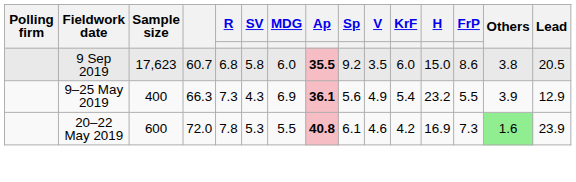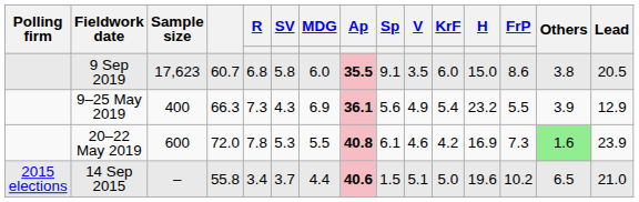 <table class="wikitable sortable" style="text-align:center;font-size:90%;line-height:14px;">
 <tr style="height:40px;">
 <th style="width:100px;" rowspan="2">Polling firm</th>
 <th style="width:100px;" rowspan="2">Fieldwork date</th>
 <th style="width:35px;" rowspan="2">Sample<br>size</th>
 <th style="width:30px;" rowspan="2"></th>
 <th class="unsortable" style="width:40px;"><a href='#'>R</a></th>
 <th class="unsortable" style="width:40px;"><a href='#'>SV</a></th>
 <th class="unsortable" style="width:40px;"><a href='#'>MDG</a></th>
 <th class="unsortable" style="width:40px;"><a href='#'>Ap</a></th>
 <th class="unsortable" style="width:40px;"><a href='#'>Sp</a></th>
 <th class="unsortable" style="width:40px;"><a href='#'>V</a></th>
 <th class="unsortable" style="width:40px;"><a href='#'>KrF</a></th>
 <th class="unsortable" style="width:40px;"><a href='#'>H</a></th>
 <th class="unsortable" style="width:40px;"><a href='#'>FrP</a></th>
 <th class="unsortable" style="width:30px;" rowspan="2">Others</th>
 <th style="width:30px;" rowspan="2">Lead</th>
 </tr>
 <tr>
 <th style="background:"></th>
 <th style="background:"></th>
 <th style="background:"></th>
 <th style="background:"></th>
 <th style="background:"></th>
 <th style="background:"></th>
 <th style="background:"></th>
 <th style="background:"></th>
 <th style="background:"></th>
 </tr>
 <tr style="background:#E9E9E9;">
 <td></td>
 <td data-sort-value="2019-09-09">9 Sep 2019</td>
 <td>17,623</td>
 <td>60.7</td>
 <td>6.8</td>
 <td>5.8</td>
 <td>6.0</td>
 <td style="background:#F7BDC5;"><strong>35.5</strong></td>
-<td>9.2</td>
+<td>9.1</td>
 <td>3.5</td>
 <td>6.0</td>
 <td>15.0</td>
 <td>8.6</td>
 <td>3.8</td>
 <td style="background:">20.5</td>
 </tr>
 <tr>
 <td></td>
 <td data-sort-value="2019-05-25">9–25 May 2019</td>
 <td>400</td>
 <td>66.3</td>
 <td>7.3</td>
 <td>4.3</td>
 <td>6.9</td>
 <td style="background:#F7BDC5;"><strong>36.1</strong></td>
 <td>5.6</td>
 <td>4.9</td>
 <td>5.4</td>
 <td>23.2</td>
 <td>5.5</td>
 <td>3.9</td>
 <td style="background:">12.9</td>
 </tr>
 <tr>
 <td></td>
 <td data-sort-value="2019-05-22">20–22 May 2019</td>
 <td>600</td>
 <td>72.0</td>
 <td>7.8</td>
 <td>5.3</td>
 <td>5.5</td>
 <td style="background:#F7BDC5;"><strong>40.8</strong></td>
 <td>6.1</td>
 <td>4.6</td>
 <td>4.2</td>
 <td>16.9</td>
 <td>7.3</td>
 <td style="background: lightgreen;">1.6</td>
 <td style="background:">23.9</td>
 </tr>
+<tr style="background:#E9E9E9;">
+<td><a href='#'>2015 elections</a></td>
+<td data-sort-value="2015-09-14">14 Sep 2015</td>
+<td>–</td>
+<td>55.8</td>
+<td>3.4</td>
+<td>3.7</td>
+<td>4.4</td>
+<td style="background:#F7BDC5;"><strong>40.6</strong></td>
+<td>1.5</td>
+<td>5.1</td>
+<td>5.0</td>
+<td>19.6</td>
+<td>10.2</td>
+<td>6.5</td>
+<td style="background:">21.0</td>
+</tr>
 </table>
